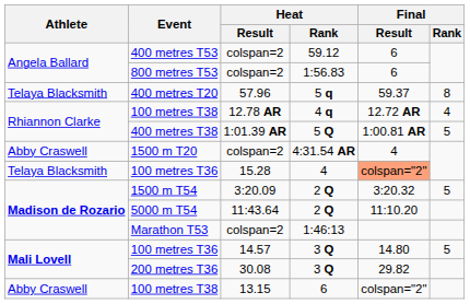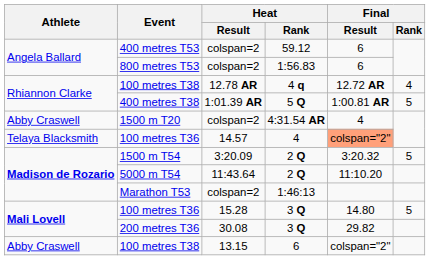 <table class="wikitable" style="font-size:90%">
 <tr>
 <th rowspan="2">Athlete</th>
 <th rowspan="2">Event</th>
 <th colspan="2">Heat</th>
 <th colspan="2">Final</th>
 </tr>
 <tr style="font-size:95%">
 <th>Result</th>
 <th>Rank</th>
 <th>Result</th>
 <th>Rank</th>
 </tr>
 <tr align=center>
 <td align=left rowspan=2><a href='#'>Angela Ballard</a></td>
 <td align=left><a href='#'>400 metres T53</a></td>
 <td>colspan=2 </td>
 <td>59.12</td>
 <td>6</td>
 </tr>
 <tr align=center>
 <td align=left><a href='#'>800 metres T53</a></td>
 <td>colspan=2 </td>
 <td>1:56.83</td>
 <td>6</td>
 </tr>
 <tr align=center>
-<td align=left><a href='#'>Telaya Blacksmith</a></td>
-<td align=left><a href='#'>400 metres T20</a></td>
-<td>57.96</td>
-<td>5 <strong>q</strong></td>
-<td>59.37</td>
-<td>8</td>
-</tr>
-<tr align=center>
 <td align=left rowspan=2><a href='#'>Rhiannon Clarke</a></td>
 <td align=left><a href='#'>100 metres T38</a></td>
 <td>12.78 <strong>AR</strong></td>
 <td>4 <strong>q</strong></td>
 <td>12.72 <strong>AR</strong></td>
 <td>4</td>
 </tr>
 <tr align=center>
 <td align=left><a href='#'>400 metres T38</a></td>
 <td>1:01.39 <strong>AR</strong></td>
 <td>5 <strong>Q</strong></td>
 <td>1:00.81 <strong>AR</strong></td>
 <td>5</td>
 </tr>
 <tr align=center>
 <td align=left><a href='#'>Abby Craswell</a></td>
 <td align=left><a href='#'>1500 m T20</a></td>
 <td>colspan=2 </td>
 <td>4:31.54 <strong>AR</strong></td>
 <td>4</td>
 </tr>
 <tr align=center>
 <td align=left><a href='#'>Telaya Blacksmith</a></td>
 <td align=left><a href='#'>100 metres T36</a></td>
-<td>15.28</td>
+<td>14.57</td>
 <td>4</td>
 <td style="background: lightsalmon;">colspan="2" </td>
 </tr>
 <tr align=center>
 <td align=left  rowspan=3><strong><a href='#'>Madison de Rozario</a></strong></td>
 <td align=left><a href='#'>1500 m T54</a></td>
 <td>3:20.09</td>
 <td>2 <strong>Q</strong></td>
 <td>3:20.32</td>
 <td>5</td>
 </tr>
 <tr align=center>
 <td align=left><a href='#'>5000 m T54</a></td>
 <td>11:43.64</td>
 <td>2 <strong>Q</strong></td>
 <td>11:10.20</td>
 <td></td>
 </tr>
 <tr align=center>
 <td align=left><a href='#'>Marathon T53</a></td>
 <td>colspan=2 </td>
 <td>1:46:13</td>
 <td></td>
 </tr>
 <tr align=center>
 <td align=left rowspan=2><strong><a href='#'>Mali Lovell</a></strong></td>
 <td align=left><a href='#'>100 metres T36</a></td>
-<td>14.57</td>
+<td>15.28</td>
 <td>3 <strong>Q</strong></td>
 <td>14.80</td>
 <td>5</td>
 </tr>
 <tr align=center>
 <td align=left><a href='#'>200 metres T36</a></td>
 <td>30.08</td>
 <td>3 <strong>Q</strong></td>
 <td>29.82</td>
 <td></td>
 </tr>
 <tr align=center>
 <td align=left><a href='#'>Abby Craswell</a></td>
 <td align=left><a href='#'>100 metres T38</a></td>
 <td>13.15</td>
 <td>6</td>
 <td>colspan="2" </td>
 </tr>
 </table>
